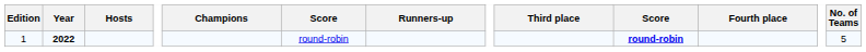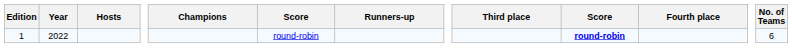 <table class="wikitable" style="text-align:center;width:100%; font-size:90%;">
 <tr>
 <th width=2%>Edition</th>
 <th width=5%>Year</th>
 <th width=8%>Hosts</th>
 <td rowspan="5" style="width:1%;background:#fff;border-top-style:hidden;border-bottom-style:hidden;"></td>
 <th style="width:14%;">Champions</th>
 <th width=10%>Score</th>
 <th style="width:14%;">Runners-up</th>
 <td rowspan="5" style="width:1%;background:#fff;border-top-style:hidden;border-bottom-style:hidden;"></td>
 <th style="width:14%;">Third place</th>
 <th width=10%>Score</th>
 <th style="width:14%;">Fourth place</th>
 <td rowspan="5" style="width:1%;background:#fff;border-top-style:hidden;border-bottom-style:hidden;"></td>
 <th width=4%>No. of Teams</th>
 </tr>
 <tr bgcolor=#F5FAFF>
 <td>1</td>
-<td><strong>2022</strong></td>
+<td>2022</td>
 <td align="left"></td>
 <td><strong></strong></td>
 <td><a href='#'>round-robin</a></td>
 <td></td>
 <td></td>
 <td><strong><a href='#'>round-robin</a></strong></td>
 <td></td>
-<td>5</td>
+<td>6</td>
 </tr>
 </table>
